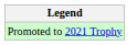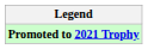 <table class="wikitable">
 <tr>
 <th>Legend</th>
 </tr>
 <tr>
-<td bgcolor="ccffcc">Promoted to <a href='#'>2021 Trophy</a></td>
+<td bgcolor="ccffcc"><strong>Promoted to <a href='#'>2021 Trophy</a></strong></td>
 </tr>
 </table>
